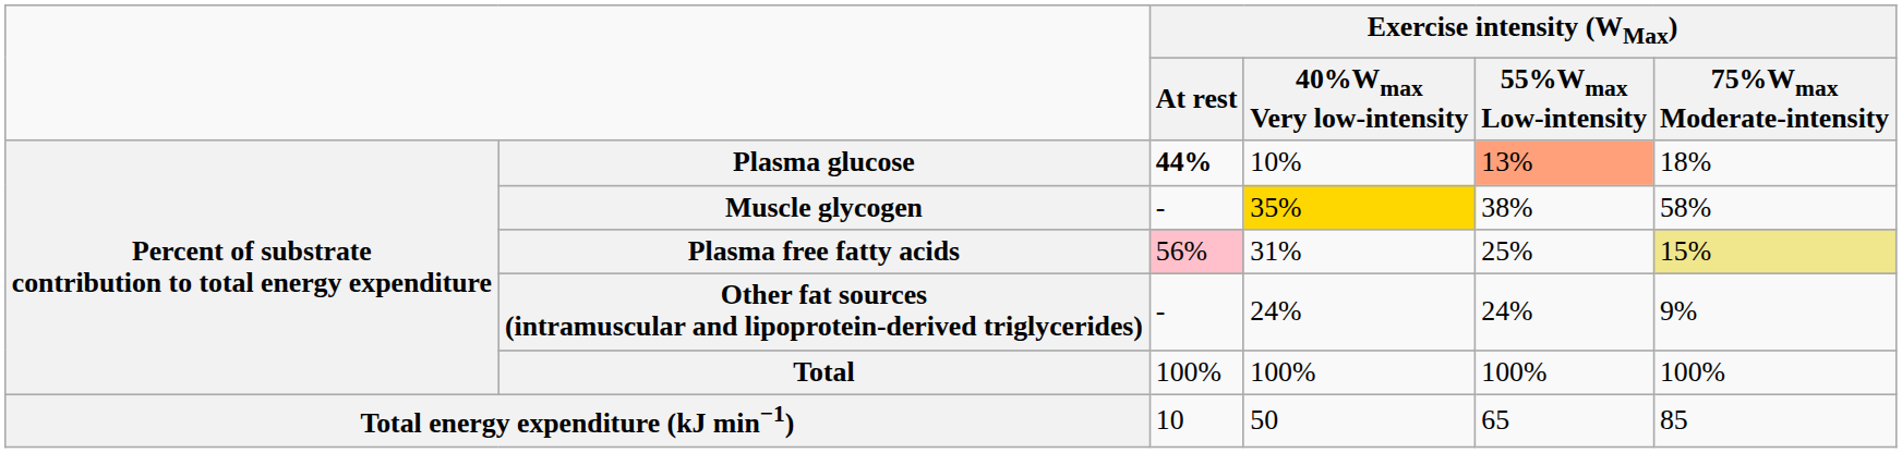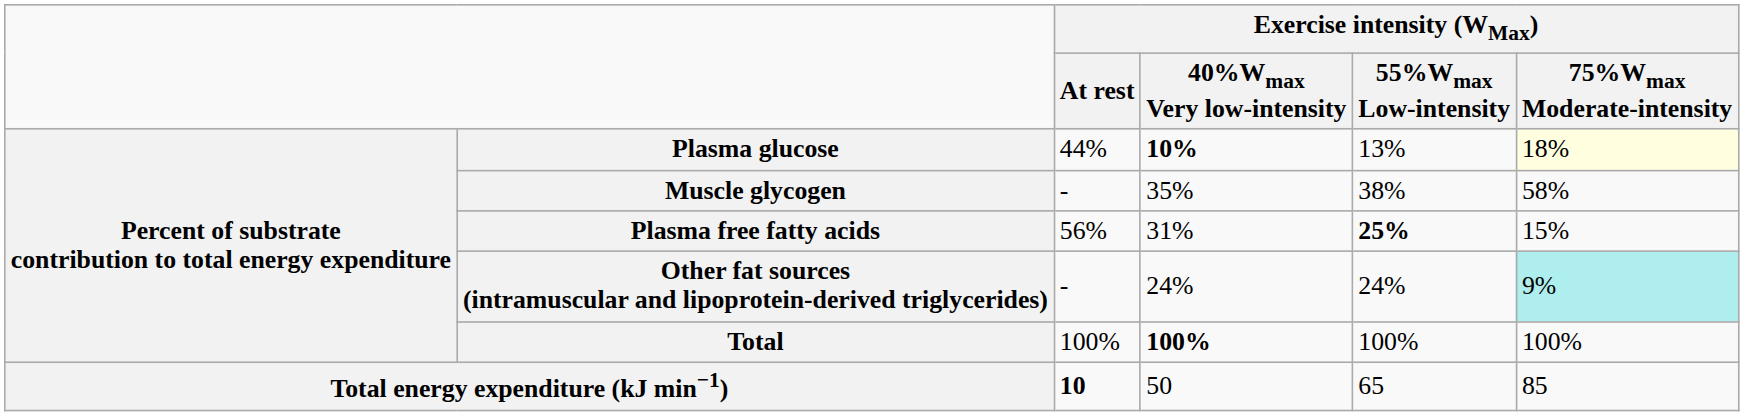 <table class="wikitable">
 <tr>
 <td colspan="2" rowspan="2"></td>
 <th colspan="4">Exercise intensity (W<sub>Max</sub>)</th>
 </tr>
 <tr>
 <th>At rest</th>
 <th>40%W<sub>max</sub><br>Very low-intensity</th>
 <th>55%W<sub>max</sub><br>Low-intensity</th>
 <th>75%W<sub>max</sub><br>Moderate-intensity</th>
 </tr>
 <tr>
 <th rowspan="5">Percent of substrate<br>contribution to total energy expenditure</th>
 <th><strong>Plasma glucose</strong></th>
-<td><strong>44%</strong></td>
-<td>10%</td>
-<td style="background: lightsalmon;">13%</td>
-<td>18%</td>
+<td>44%</td>
+<td><strong>10%</strong></td>
+<td>13%</td>
+<td style="background: lightyellow;">18%</td>
 </tr>
 <tr>
 <th><strong>Muscle glycogen</strong></th>
 <td>-</td>
-<td style="background: gold;">35%</td>
+<td>35%</td>
 <td>38%</td>
 <td>58%</td>
 </tr>
 <tr>
 <th><strong>Plasma free fatty acids</strong></th>
-<td style="background: pink;">56%</td>
+<td>56%</td>
 <td>31%</td>
-<td>25%</td>
-<td style="background: khaki;">15%</td>
+<td><strong>25%</strong></td>
+<td>15%</td>
 </tr>
 <tr>
 <th><strong>Other fat sources</strong><br><strong>(intramuscular and</strong>  <strong>lipoprotein-derived triglycerides)</strong></th>
 <td>-</td>
 <td>24%</td>
 <td>24%</td>
-<td>9%</td>
+<td style="background: paleturquoise;">9%</td>
 </tr>
 <tr>
 <th>Total</th>
 <td>100%</td>
-<td>100%</td>
+<td><strong>100%</strong></td>
 <td>100%</td>
 <td>100%</td>
 </tr>
 <tr>
 <th colspan="2">Total energy expenditure (kJ min<sup>−1</sup>)</th>
-<td>10</td>
+<td><strong>10</strong></td>
 <td>50</td>
 <td>65</td>
 <td>85</td>
 </tr>
 </table>
